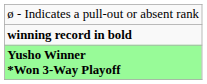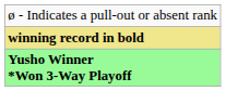 <table class="wikitable">
 <tr>
 <td>ø - Indicates a pull-out or absent rank</td>
 </tr>
 <tr>
-<td><strong>winning record in bold</strong></td>
+<td style="background: khaki;"><strong>winning record in bold</strong></td>
 </tr>
 <tr>
 <td style="background: PaleGreen;"><strong>Yusho Winner</strong><br><strong>*Won 3-Way Playoff</strong></td>
 </tr>
 </table>
